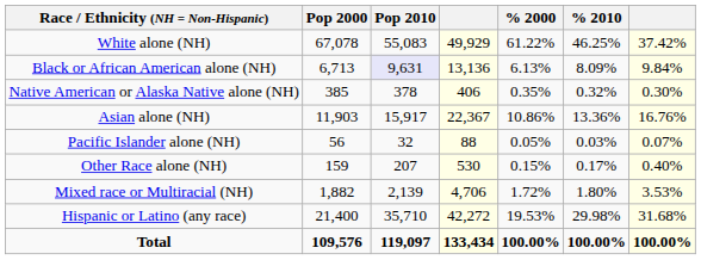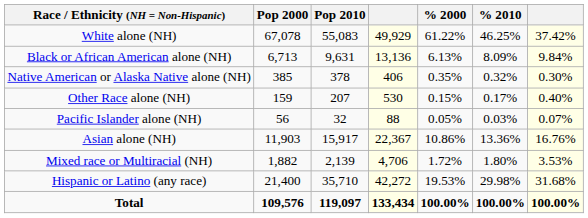 <table class="wikitable" style="text-align:center;">
 <tr>
 <th>Race / Ethnicity <small>(<em>NH = Non-Hispanic</em>)</small></th>
 <th>Pop 2000</th>
 <th>Pop 2010</th>
 <th></th>
 <th>% 2000</th>
 <th>% 2010</th>
 <th></th>
 </tr>
 <tr>
 <td><a href='#'>White</a> alone (NH)</td>
 <td>67,078</td>
 <td>55,083</td>
 <td style='background: #ffffe6;'>49,929</td>
 <td>61.22%</td>
 <td>46.25%</td>
 <td style='background: #ffffe6;'>37.42%</td>
 </tr>
 <tr>
 <td><a href='#'>Black or African American</a> alone (NH)</td>
 <td>6,713</td>
-<td style="background: lavender;">9,631</td>
+<td>9,631</td>
 <td style='background: #ffffe6;'>13,136</td>
 <td>6.13%</td>
 <td>8.09%</td>
 <td style='background: #ffffe6;'>9.84%</td>
 </tr>
 <tr>
 <td><a href='#'>Native American</a> or <a href='#'>Alaska Native</a> alone (NH)</td>
 <td>385</td>
 <td>378</td>
 <td style='background: #ffffe6;'>406</td>
 <td>0.35%</td>
 <td>0.32%</td>
 <td style='background: #ffffe6;'>0.30%</td>
 </tr>
 <tr>
-<td><a href='#'>Asian</a> alone (NH)</td>
-<td>11,903</td>
-<td>15,917</td>
-<td style='background: #ffffe6;'>22,367</td>
-<td>10.86%</td>
-<td>13.36%</td>
-<td style='background: #ffffe6;'>16.76%</td>
+<td><a href='#'>Other Race</a> alone (NH)</td>
+<td>159</td>
+<td>207</td>
+<td style='background: #ffffe6;'>530</td>
+<td>0.15%</td>
+<td>0.17%</td>
+<td style='background: #ffffe6;'>0.40%</td>
 </tr>
 <tr>
 <td><a href='#'>Pacific Islander</a> alone (NH)</td>
 <td>56</td>
 <td>32</td>
 <td style='background: #ffffe6;'>88</td>
 <td>0.05%</td>
 <td>0.03%</td>
 <td style='background: #ffffe6;'>0.07%</td>
 </tr>
 <tr>
-<td><a href='#'>Other Race</a> alone (NH)</td>
-<td>159</td>
-<td>207</td>
-<td style='background: #ffffe6;'>530</td>
-<td>0.15%</td>
-<td>0.17%</td>
-<td style='background: #ffffe6;'>0.40%</td>
+<td><a href='#'>Asian</a> alone (NH)</td>
+<td>11,903</td>
+<td>15,917</td>
+<td style='background: #ffffe6;'>22,367</td>
+<td>10.86%</td>
+<td>13.36%</td>
+<td style='background: #ffffe6;'>16.76%</td>
 </tr>
 <tr>
 <td><a href='#'>Mixed race or Multiracial</a> (NH)</td>
 <td>1,882</td>
 <td>2,139</td>
 <td style='background: #ffffe6;'>4,706</td>
 <td>1.72%</td>
 <td>1.80%</td>
 <td style='background: #ffffe6;'>3.53%</td>
 </tr>
 <tr>
 <td><a href='#'>Hispanic or Latino</a> (any race)</td>
 <td>21,400</td>
 <td>35,710</td>
 <td style='background: #ffffe6;'>42,272</td>
 <td>19.53%</td>
 <td>29.98%</td>
 <td style='background: #ffffe6;'>31.68%</td>
 </tr>
 <tr>
 <td><strong>Total</strong></td>
 <td><strong>109,576</strong></td>
 <td><strong>119,097</strong></td>
 <td style='background: #ffffe6;'><strong>133,434</strong></td>
 <td><strong>100.00%</strong></td>
 <td><strong>100.00%</strong></td>
 <td style='background: #ffffe6;'><strong>100.00%</strong></td>
 </tr>
 </table>
